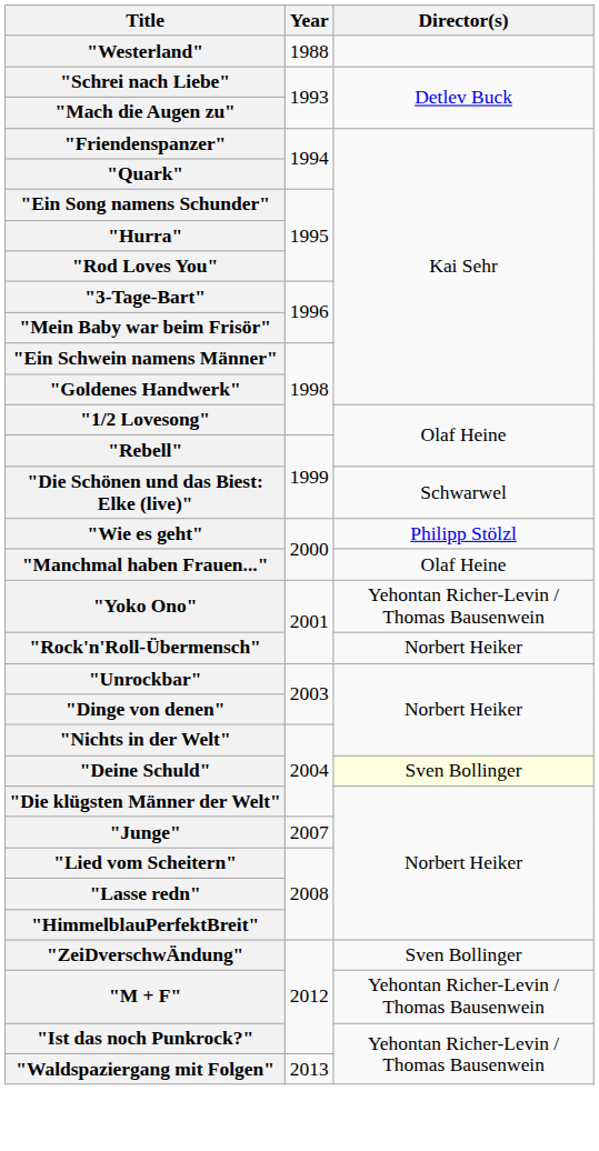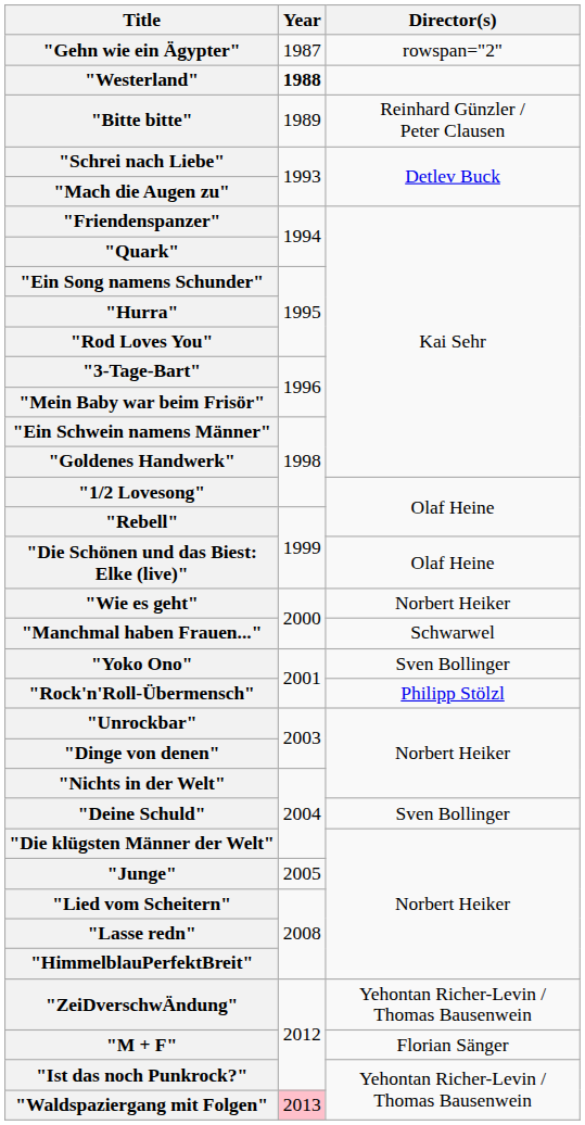 <table class="wikitable plainrowheaders" style="text-align:center;">
 <tr>
 <th scope="col" style="width: 14em;">Title</th>
 <th scope="col" style="width: 2em;">Year</th>
 <th scope="col" style="width: 13em;">Director(s)</th>
 </tr>
 <tr>
+<th scope="row">"Gehn wie ein Ägypter"</th>
+<td>1987</td>
+<td>rowspan="2" </td>
+</tr>
+<tr>
 <th scope="row">"Westerland"</th>
-<td>1988</td>
+<td><strong>1988</strong></td>
+</tr>
+<tr>
+<th scope="row">"Bitte bitte"</th>
+<td>1989</td>
+<td>Reinhard Günzler /<br>Peter Clausen</td>
 </tr>
 <tr>
 <th scope="row">"Schrei nach Liebe"</th>
 <td rowspan="2">1993</td>
 <td rowspan="2"><a href='#'>Detlev Buck</a></td>
 </tr>
 <tr>
 <th scope="row">"Mach die Augen zu"</th>
 </tr>
 <tr>
 <th scope="row">"Friendenspanzer"</th>
 <td rowspan="2">1994</td>
 <td rowspan="9">Kai Sehr</td>
 </tr>
 <tr>
 <th scope="row">"Quark"</th>
 </tr>
 <tr>
 <th scope="row">"Ein Song namens Schunder"</th>
 <td rowspan="3">1995</td>
 </tr>
 <tr>
 <th scope="row">"Hurra"</th>
 </tr>
 <tr>
 <th scope="row">"Rod Loves You"</th>
 </tr>
 <tr>
 <th scope="row">"3-Tage-Bart"</th>
 <td rowspan="2">1996</td>
 </tr>
 <tr>
 <th scope="row">"Mein Baby war beim Frisör"</th>
 </tr>
 <tr>
 <th scope="row">"Ein Schwein namens Männer"</th>
 <td rowspan="3">1998</td>
 </tr>
 <tr>
 <th scope="row">"Goldenes Handwerk"</th>
 </tr>
 <tr>
 <th scope="row">"1/2 Lovesong"</th>
 <td rowspan="2">Olaf Heine</td>
 </tr>
 <tr>
 <th scope="row">"Rebell"</th>
 <td rowspan="2">1999</td>
 </tr>
 <tr>
 <th scope="row">"Die Schönen und das Biest: Elke (live)"</th>
-<td>Schwarwel</td>
+<td>Olaf Heine</td>
 </tr>
 <tr>
 <th scope="row">"Wie es geht"</th>
 <td rowspan="2">2000</td>
-<td><a href='#'>Philipp Stölzl</a></td>
+<td>Norbert Heiker</td>
 </tr>
 <tr>
 <th scope="row">"Manchmal haben Frauen..."</th>
-<td>Olaf Heine</td>
+<td>Schwarwel</td>
 </tr>
 <tr>
 <th scope="row">"Yoko Ono"</th>
 <td rowspan="2">2001</td>
-<td>Yehontan Richer-Levin /<br>Thomas Bausenwein</td>
+<td>Sven Bollinger</td>
 </tr>
 <tr>
 <th scope="row">"Rock'n'Roll-Übermensch"</th>
-<td>Norbert Heiker</td>
+<td><a href='#'>Philipp Stölzl</a></td>
 </tr>
 <tr>
 <th scope="row">"Unrockbar"</th>
 <td rowspan="2">2003</td>
 <td rowspan="3">Norbert Heiker</td>
 </tr>
 <tr>
 <th scope="row">"Dinge von denen"</th>
 </tr>
 <tr>
 <th scope="row">"Nichts in der Welt"</th>
 <td rowspan="3">2004</td>
 </tr>
 <tr>
 <th scope="row">"Deine Schuld"</th>
-<td style="background: lightyellow;">Sven Bollinger</td>
+<td>Sven Bollinger</td>
 </tr>
 <tr>
 <th scope="row">"Die klügsten Männer der Welt"</th>
 <td rowspan="5">Norbert Heiker</td>
 </tr>
 <tr>
 <th scope="row">"Junge"</th>
-<td>2007</td>
+<td>2005</td>
 </tr>
 <tr>
 <th scope="row">"Lied vom Scheitern"</th>
 <td rowspan="3">2008</td>
 </tr>
 <tr>
 <th scope="row">"Lasse redn"</th>
 </tr>
 <tr>
 <th scope="row">"HimmelblauPerfektBreit"</th>
 </tr>
 <tr>
 <th scope="row">"ZeiDverschwÄndung"</th>
 <td rowspan="3">2012</td>
-<td>Sven Bollinger</td>
+<td>Yehontan Richer-Levin /<br>Thomas Bausenwein</td>
 </tr>
 <tr>
 <th scope="row">"M + F"</th>
-<td>Yehontan Richer-Levin /<br>Thomas Bausenwein</td>
+<td>Florian Sänger</td>
 </tr>
 <tr>
 <th scope="row">"Ist das noch Punkrock?"</th>
 <td rowspan="2">Yehontan Richer-Levin /<br>Thomas Bausenwein</td>
 </tr>
 <tr>
 <th scope="row">"Waldspaziergang mit Folgen"</th>
-<td>2013</td>
+<td style="background: pink;">2013</td>
 </tr>
 </table>
